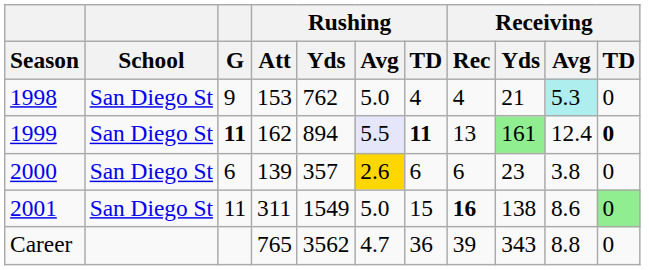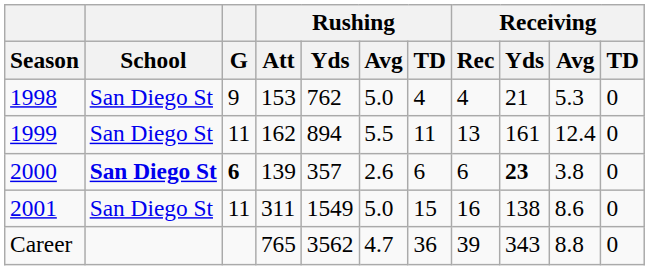 <table class="wikitable">
 <tr>
 <th></th>
 <th></th>
 <th></th>
 <th colspan="4">Rushing</th>
 <th colspan="4">Receiving</th>
 </tr>
 <tr>
 <th>Season</th>
 <th>School</th>
 <th>G</th>
 <th>Att</th>
 <th>Yds</th>
 <th>Avg</th>
 <th>TD</th>
 <th>Rec</th>
 <th>Yds</th>
 <th>Avg</th>
 <th>TD</th>
 </tr>
 <tr>
 <td><a href='#'>1998</a></td>
 <td><a href='#'>San Diego St</a></td>
 <td>9</td>
 <td>153</td>
 <td>762</td>
 <td>5.0</td>
 <td>4</td>
 <td>4</td>
 <td>21</td>
-<td style="background: paleturquoise;">5.3</td>
+<td>5.3</td>
 <td>0</td>
 </tr>
 <tr>
 <td><a href='#'>1999</a></td>
 <td><a href='#'>San Diego St</a></td>
-<td><strong>11</strong></td>
+<td>11</td>
 <td>162</td>
 <td>894</td>
-<td style="background: lavender;">5.5</td>
-<td><strong>11</strong></td>
+<td>5.5</td>
+<td>11</td>
 <td>13</td>
-<td style="background: lightgreen;">161</td>
+<td>161</td>
 <td>12.4</td>
-<td><strong>0</strong></td>
+<td>0</td>
 </tr>
 <tr>
 <td><a href='#'>2000</a></td>
-<td><a href='#'>San Diego St</a></td>
-<td>6</td>
+<td><strong><a href='#'>San Diego St</a></strong></td>
+<td><strong>6</strong></td>
 <td>139</td>
 <td>357</td>
-<td style="background: gold;">2.6</td>
+<td>2.6</td>
 <td>6</td>
 <td>6</td>
-<td>23</td>
+<td><strong>23</strong></td>
 <td>3.8</td>
 <td>0</td>
 </tr>
 <tr>
 <td><a href='#'>2001</a></td>
 <td><a href='#'>San Diego St</a></td>
 <td>11</td>
 <td>311</td>
 <td>1549</td>
 <td>5.0</td>
 <td>15</td>
-<td><strong>16</strong></td>
+<td>16</td>
 <td>138</td>
 <td>8.6</td>
-<td style="background: lightgreen;">0</td>
+<td>0</td>
 </tr>
 <tr>
 <td>Career</td>
 <td></td>
 <td></td>
 <td>765</td>
 <td>3562</td>
 <td>4.7</td>
 <td>36</td>
 <td>39</td>
 <td>343</td>
 <td>8.8</td>
 <td>0</td>
 </tr>
 </table>
